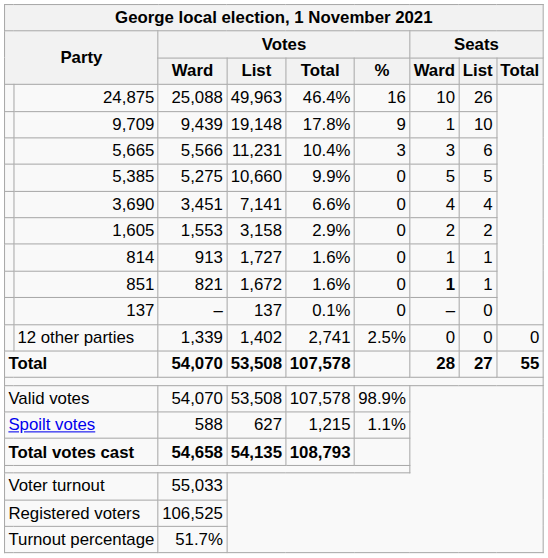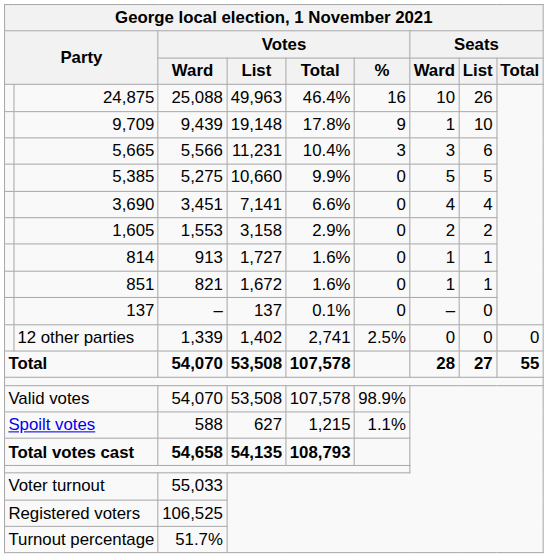 <table class=wikitable style="text-align:right">
 <tr>
 <th colspan="9" align="center">George local election, 1 November 2021</th>
 </tr>
 <tr>
 <th rowspan="2" colspan="2">Party</th>
 <th colspan="4" align="center">Votes</th>
 <th colspan="3" align="center">Seats</th>
 </tr>
 <tr>
 <th>Ward</th>
 <th>List</th>
 <th>Total</th>
 <th>%</th>
 <th>Ward</th>
 <th>List</th>
 <th>Total</th>
 </tr>
 <tr>
 <td></td>
 <td>24,875</td>
 <td>25,088</td>
 <td>49,963</td>
 <td>46.4%</td>
 <td>16</td>
 <td>10</td>
 <td>26</td>
 </tr>
 <tr>
 <td></td>
 <td>9,709</td>
 <td>9,439</td>
 <td>19,148</td>
 <td>17.8%</td>
 <td>9</td>
 <td>1</td>
 <td>10</td>
 </tr>
 <tr>
 <td></td>
 <td>5,665</td>
 <td>5,566</td>
 <td>11,231</td>
 <td>10.4%</td>
 <td>3</td>
 <td>3</td>
 <td>6</td>
 </tr>
 <tr>
 <td></td>
 <td>5,385</td>
 <td>5,275</td>
 <td>10,660</td>
 <td>9.9%</td>
 <td>0</td>
 <td>5</td>
 <td>5</td>
 </tr>
 <tr>
 <td></td>
 <td>3,690</td>
 <td>3,451</td>
 <td>7,141</td>
 <td>6.6%</td>
 <td>0</td>
 <td>4</td>
 <td>4</td>
 </tr>
 <tr>
 <td></td>
 <td>1,605</td>
 <td>1,553</td>
 <td>3,158</td>
 <td>2.9%</td>
 <td>0</td>
 <td>2</td>
 <td>2</td>
 </tr>
 <tr>
 <td></td>
 <td>814</td>
 <td>913</td>
 <td>1,727</td>
 <td>1.6%</td>
 <td>0</td>
 <td>1</td>
 <td>1</td>
 </tr>
 <tr>
 <td></td>
 <td>851</td>
 <td>821</td>
 <td>1,672</td>
 <td>1.6%</td>
 <td>0</td>
-<td><strong>1</strong></td>
+<td>1</td>
 <td>1</td>
 </tr>
 <tr>
 <td></td>
 <td>137</td>
 <td>–</td>
 <td>137</td>
 <td>0.1%</td>
 <td>0</td>
 <td>–</td>
 <td>0</td>
 </tr>
 <tr>
 <td></td>
 <td style="text-align:left">12 other parties</td>
 <td>1,339</td>
 <td>1,402</td>
 <td>2,741</td>
 <td>2.5%</td>
 <td>0</td>
 <td>0</td>
 <td>0</td>
 </tr>
 <tr>
 <td colspan="2" style="text-align:left"><strong>Total</strong></td>
 <td><strong>54,070</strong></td>
 <td><strong>53,508</strong></td>
 <td><strong>107,578</strong></td>
 <td></td>
 <td><strong>28</strong></td>
 <td><strong>27</strong></td>
 <td><strong>55</strong></td>
 </tr>
 <tr>
 <td colspan="9"></td>
 </tr>
 <tr>
 <td colspan="2" style="text-align:left">Valid votes</td>
 <td>54,070</td>
 <td>53,508</td>
 <td>107,578</td>
 <td>98.9%</td>
 </tr>
 <tr>
 <td colspan="2" style="text-align:left"><a href='#'>Spoilt votes</a></td>
 <td>588</td>
 <td>627</td>
 <td>1,215</td>
 <td>1.1%</td>
 </tr>
 <tr>
 <td colspan="2" style="text-align:left"><strong>Total votes cast</strong></td>
 <td><strong>54,658</strong></td>
 <td><strong>54,135</strong></td>
 <td><strong>108,793</strong></td>
 <td></td>
 </tr>
 <tr>
 <td colspan="6"></td>
 </tr>
 <tr>
 <td colspan="2" style="text-align:left">Voter turnout</td>
 <td>55,033</td>
 </tr>
 <tr>
 <td colspan="2" style="text-align:left">Registered voters</td>
 <td>106,525</td>
 </tr>
 <tr>
 <td colspan="2" style="text-align:left">Turnout percentage</td>
 <td>51.7%</td>
 </tr>
 </table>
